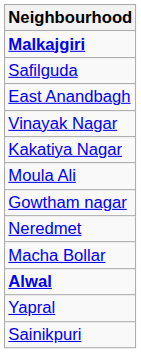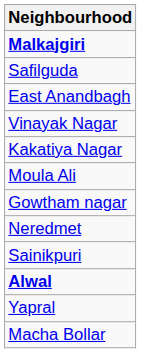 <table class="wikitable sortable static-row-numbers static-row-header-hash">
 <tr>
 <th>Neighbourhood</th>
 </tr>
 <tr>
 <td><strong><a href='#'>Malkajgiri</a></strong></td>
 </tr>
 <tr>
 <td><a href='#'>Safilguda</a></td>
 </tr>
 <tr>
 <td><a href='#'>East Anandbagh</a></td>
 </tr>
 <tr>
 <td><a href='#'>Vinayak Nagar</a></td>
 </tr>
 <tr>
 <td><a href='#'>Kakatiya Nagar</a></td>
 </tr>
 <tr>
 <td><a href='#'>Moula Ali</a></td>
 </tr>
 <tr>
 <td><a href='#'>Gowtham nagar</a></td>
 </tr>
 <tr>
 <td><a href='#'>Neredmet</a></td>
 </tr>
 <tr>
-<td><a href='#'>Macha Bollar</a></td>
+<td><a href='#'>Sainikpuri</a></td>
 </tr>
 <tr>
 <td><strong><a href='#'>Alwal</a></strong></td>
 </tr>
 <tr>
 <td><a href='#'>Yapral</a></td>
 </tr>
 <tr>
-<td><a href='#'>Sainikpuri</a></td>
+<td><a href='#'>Macha Bollar</a></td>
 </tr>
 </table>
